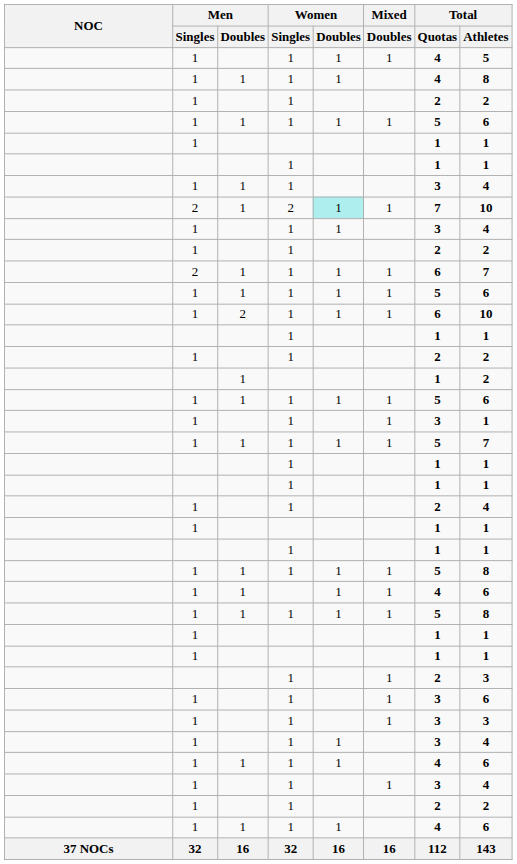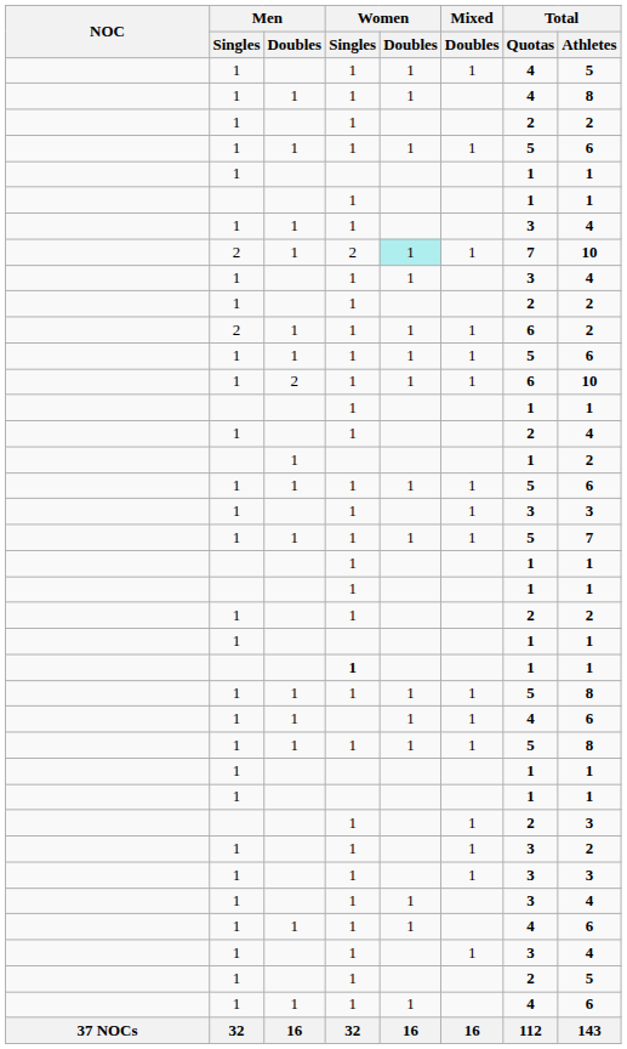 <table class="wikitable sortable mw-collapsible mw-collapsed" style="text-align:center; font-size:90%">
 <tr>
 <th rowspan=2 width=180 align=left>NOC</th>
 <th colspan=2>Men</th>
 <th colspan=2>Women</th>
 <th>Mixed</th>
 <th colspan=2>Total</th>
 </tr>
 <tr>
 <th width=30>Singles</th>
 <th width=30>Doubles</th>
 <th width=30>Singles</th>
 <th width=30>Doubles</th>
 <th width=30>Doubles</th>
 <th width=30>Quotas</th>
 <th width=30>Athletes</th>
 </tr>
 <tr>
 <td align=left></td>
 <td>1</td>
 <td></td>
 <td>1</td>
 <td>1</td>
 <td>1</td>
 <td><strong>4</strong></td>
 <td><strong>5</strong></td>
 </tr>
 <tr>
 <td align=left></td>
 <td>1</td>
 <td>1</td>
 <td>1</td>
 <td>1</td>
 <td></td>
 <td><strong>4</strong></td>
 <td><strong>8</strong></td>
 </tr>
 <tr>
 <td align=left></td>
 <td>1</td>
 <td></td>
 <td>1</td>
 <td></td>
 <td></td>
 <td><strong>2</strong></td>
 <td><strong>2</strong></td>
 </tr>
 <tr>
 <td align=left></td>
 <td>1</td>
 <td>1</td>
 <td>1</td>
 <td>1</td>
 <td>1</td>
 <td><strong>5</strong></td>
 <td><strong>6</strong></td>
 </tr>
 <tr>
 <td align=left></td>
 <td>1</td>
 <td></td>
 <td></td>
 <td></td>
 <td></td>
 <td><strong>1</strong></td>
 <td><strong>1</strong></td>
 </tr>
 <tr>
 <td align=left></td>
 <td></td>
 <td></td>
 <td>1</td>
 <td></td>
 <td></td>
 <td><strong>1</strong></td>
 <td><strong>1</strong></td>
 </tr>
 <tr>
 <td align=left></td>
 <td>1</td>
 <td>1</td>
 <td>1</td>
 <td></td>
 <td></td>
 <td><strong>3</strong></td>
 <td><strong>4</strong></td>
 </tr>
 <tr>
 <td align=left></td>
 <td>2</td>
 <td>1</td>
 <td>2</td>
 <td style="background: paleturquoise;">1</td>
 <td>1</td>
 <td><strong>7</strong></td>
 <td><strong>10</strong></td>
 </tr>
 <tr>
 <td align=left></td>
 <td>1</td>
 <td></td>
 <td>1</td>
 <td>1</td>
 <td></td>
 <td><strong>3</strong></td>
 <td><strong>4</strong></td>
 </tr>
 <tr>
 <td align=left></td>
 <td>1</td>
 <td></td>
 <td>1</td>
 <td></td>
 <td></td>
 <td><strong>2</strong></td>
 <td><strong>2</strong></td>
 </tr>
 <tr>
 <td align=left></td>
 <td>2</td>
 <td>1</td>
 <td>1</td>
 <td>1</td>
 <td>1</td>
 <td><strong>6</strong></td>
-<td><strong>7</strong></td>
+<td><strong>2</strong></td>
 </tr>
 <tr>
 <td align=left></td>
 <td>1</td>
 <td>1</td>
 <td>1</td>
 <td>1</td>
 <td>1</td>
 <td><strong>5</strong></td>
 <td><strong>6</strong></td>
 </tr>
 <tr>
 <td align=left></td>
 <td>1</td>
 <td>2</td>
 <td>1</td>
 <td>1</td>
 <td>1</td>
 <td><strong>6</strong></td>
 <td><strong>10</strong></td>
 </tr>
 <tr>
 <td align=left></td>
 <td></td>
 <td></td>
 <td>1</td>
 <td></td>
 <td></td>
 <td><strong>1</strong></td>
 <td><strong>1</strong></td>
 </tr>
 <tr>
 <td align=left></td>
 <td>1</td>
 <td></td>
 <td>1</td>
 <td></td>
 <td></td>
 <td><strong>2</strong></td>
-<td><strong>2</strong></td>
+<td><strong>4</strong></td>
 </tr>
 <tr>
 <td align=left></td>
 <td></td>
 <td>1</td>
 <td></td>
 <td></td>
 <td></td>
 <td><strong>1</strong></td>
 <td><strong>2</strong></td>
 </tr>
 <tr>
 <td align=left></td>
 <td>1</td>
 <td>1</td>
 <td>1</td>
 <td>1</td>
 <td>1</td>
 <td><strong>5</strong></td>
 <td><strong>6</strong></td>
 </tr>
 <tr>
 <td align=left></td>
 <td>1</td>
 <td></td>
 <td>1</td>
 <td></td>
 <td>1</td>
 <td><strong>3</strong></td>
-<td><strong>1</strong></td>
+<td><strong>3</strong></td>
 </tr>
 <tr>
 <td align=left></td>
 <td>1</td>
 <td>1</td>
 <td>1</td>
 <td>1</td>
 <td>1</td>
 <td><strong>5</strong></td>
 <td><strong>7</strong></td>
 </tr>
 <tr>
 <td align=left></td>
 <td></td>
 <td></td>
 <td>1</td>
 <td></td>
 <td></td>
 <td><strong>1</strong></td>
 <td><strong>1</strong></td>
 </tr>
 <tr>
 <td align=left></td>
 <td></td>
 <td></td>
 <td>1</td>
 <td></td>
 <td></td>
 <td><strong>1</strong></td>
 <td><strong>1</strong></td>
 </tr>
 <tr>
 <td align=left></td>
 <td>1</td>
 <td></td>
 <td>1</td>
 <td></td>
 <td></td>
 <td><strong>2</strong></td>
-<td><strong>4</strong></td>
+<td><strong>2</strong></td>
 </tr>
 <tr>
 <td align=left></td>
 <td>1</td>
 <td></td>
 <td></td>
 <td></td>
 <td></td>
 <td><strong>1</strong></td>
 <td><strong>1</strong></td>
 </tr>
 <tr>
 <td align=left></td>
 <td></td>
 <td></td>
-<td>1</td>
+<td><strong>1</strong></td>
 <td></td>
 <td></td>
 <td><strong>1</strong></td>
 <td><strong>1</strong></td>
 </tr>
 <tr>
 <td align=left></td>
 <td>1</td>
 <td>1</td>
 <td>1</td>
 <td>1</td>
 <td>1</td>
 <td><strong>5</strong></td>
 <td><strong>8</strong></td>
 </tr>
 <tr>
 <td align=left></td>
 <td>1</td>
 <td>1</td>
 <td></td>
 <td>1</td>
 <td>1</td>
 <td><strong>4</strong></td>
 <td><strong>6</strong></td>
 </tr>
 <tr>
 <td align=left></td>
 <td>1</td>
 <td>1</td>
 <td>1</td>
 <td>1</td>
 <td>1</td>
 <td><strong>5</strong></td>
 <td><strong>8</strong></td>
 </tr>
 <tr>
 <td align=left></td>
 <td>1</td>
 <td></td>
 <td></td>
 <td></td>
 <td></td>
 <td><strong>1</strong></td>
 <td><strong>1</strong></td>
 </tr>
 <tr>
 <td align=left></td>
 <td>1</td>
 <td></td>
 <td></td>
 <td></td>
 <td></td>
 <td><strong>1</strong></td>
 <td><strong>1</strong></td>
 </tr>
 <tr>
 <td align=left></td>
 <td></td>
 <td></td>
 <td>1</td>
 <td></td>
 <td>1</td>
 <td><strong>2</strong></td>
 <td><strong>3</strong></td>
 </tr>
 <tr>
 <td align=left></td>
 <td>1</td>
 <td></td>
 <td>1</td>
 <td></td>
 <td>1</td>
 <td><strong>3</strong></td>
-<td><strong>6</strong></td>
+<td><strong>2</strong></td>
 </tr>
 <tr>
 <td align=left></td>
 <td>1</td>
 <td></td>
 <td>1</td>
 <td></td>
 <td>1</td>
 <td><strong>3</strong></td>
 <td><strong>3</strong></td>
 </tr>
 <tr>
 <td align=left></td>
 <td>1</td>
 <td></td>
 <td>1</td>
 <td>1</td>
 <td></td>
 <td><strong>3</strong></td>
 <td><strong>4</strong></td>
 </tr>
 <tr>
 <td align=left></td>
 <td>1</td>
 <td>1</td>
 <td>1</td>
 <td>1</td>
 <td></td>
 <td><strong>4</strong></td>
 <td><strong>6</strong></td>
 </tr>
 <tr>
 <td align=left></td>
 <td>1</td>
 <td></td>
 <td>1</td>
 <td></td>
 <td>1</td>
 <td><strong>3</strong></td>
 <td><strong>4</strong></td>
 </tr>
 <tr>
 <td align=left></td>
 <td>1</td>
 <td></td>
 <td>1</td>
 <td></td>
 <td></td>
 <td><strong>2</strong></td>
-<td><strong>2</strong></td>
+<td><strong>5</strong></td>
 </tr>
 <tr>
 <td align=left></td>
 <td>1</td>
 <td>1</td>
 <td>1</td>
 <td>1</td>
 <td></td>
 <td><strong>4</strong></td>
 <td><strong>6</strong></td>
 </tr>
 <tr>
 <th>37 NOCs</th>
 <th>32</th>
 <th>16</th>
 <th>32</th>
 <th>16</th>
 <th>16</th>
 <th>112</th>
 <th>143</th>
 </tr>
 </table>
